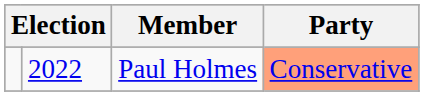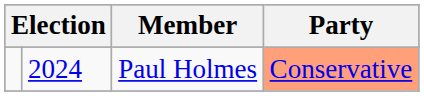 <table class="wikitable">
 <tr>
 <th colspan="2">Election</th>
 <th>Member</th>
 <th>Party</th>
 </tr>
 <tr>
 <td style="color:inherit;background-color: "></td>
-<td><a href='#'>2022</a></td>
+<td><a href='#'>2024</a></td>
 <td><a href='#'>Paul Holmes</a></td>
 <td style="background: lightsalmon;"><a href='#'>Conservative</a></td>
 </tr>
 </table>
